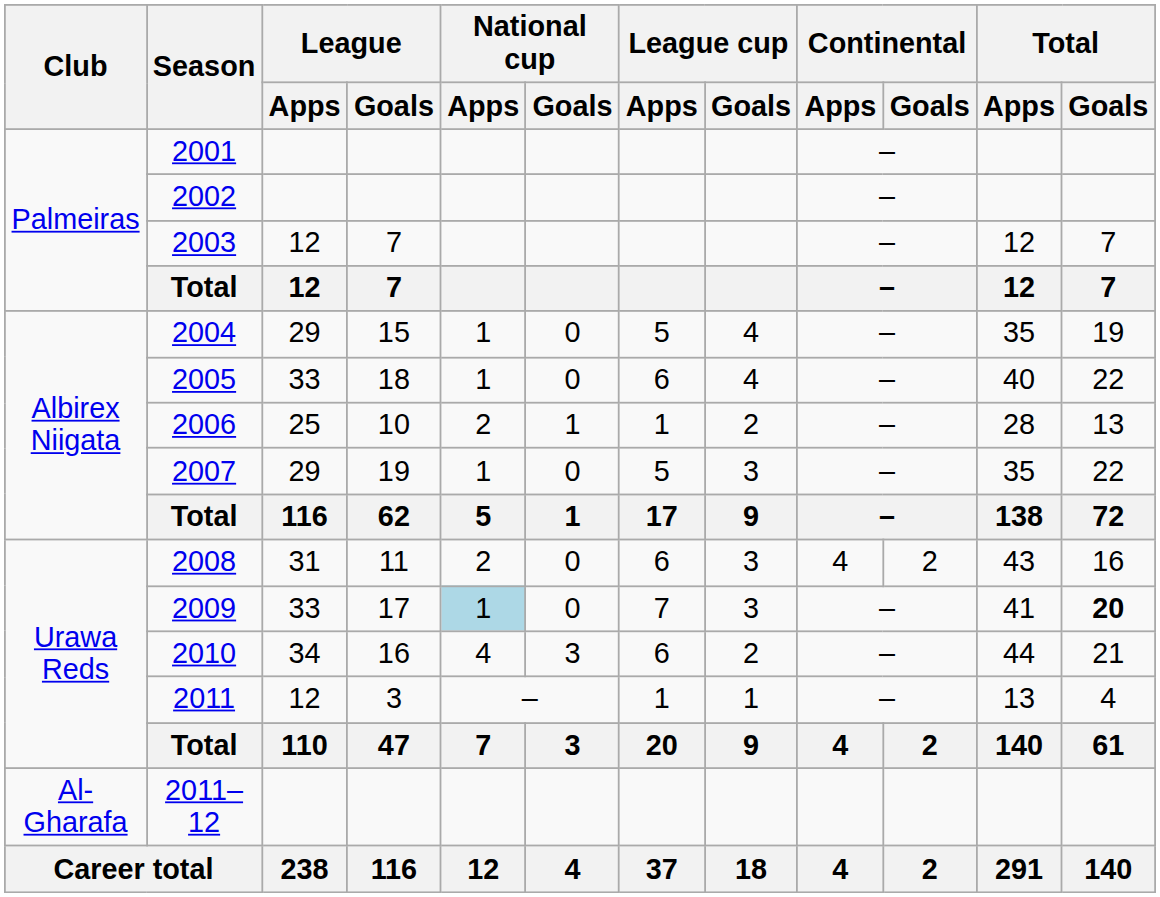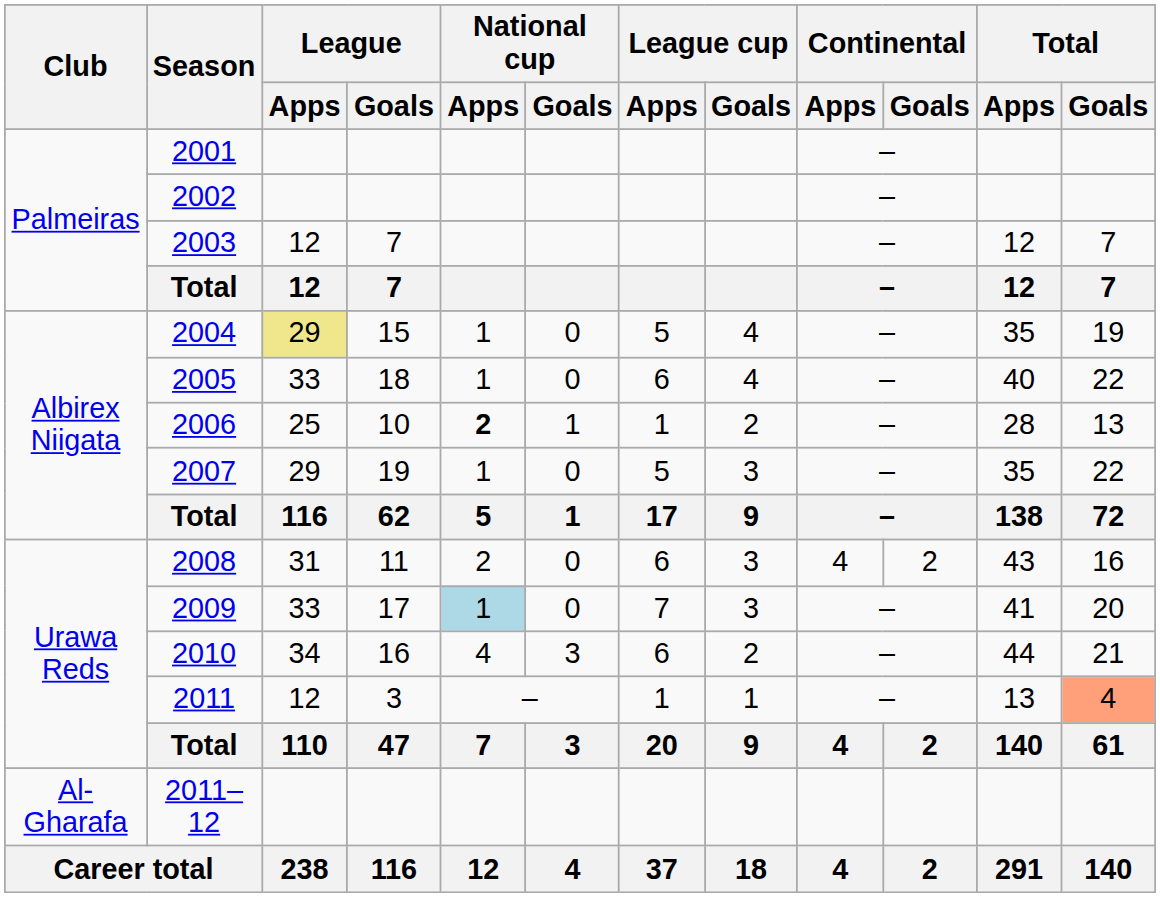 <table class="wikitable" style="text-align:center">
 <tr>
 <th rowspan="2">Club</th>
 <th rowspan="2">Season</th>
 <th colspan="2">League</th>
 <th colspan="2">National cup</th>
 <th colspan="2">League cup</th>
 <th colspan="2">Continental</th>
 <th colspan="2">Total</th>
 </tr>
 <tr>
 <th>Apps</th>
 <th>Goals</th>
 <th>Apps</th>
 <th>Goals</th>
 <th>Apps</th>
 <th>Goals</th>
 <th>Apps</th>
 <th>Goals</th>
 <th>Apps</th>
 <th>Goals</th>
 </tr>
 <tr>
 <td rowspan="4"><a href='#'>Palmeiras</a></td>
 <td><a href='#'>2001</a></td>
 <td></td>
 <td></td>
 <td></td>
 <td></td>
 <td></td>
 <td></td>
 <td colspan="2">–</td>
 <td></td>
 <td></td>
 </tr>
 <tr>
 <td><a href='#'>2002</a></td>
 <td></td>
 <td></td>
 <td></td>
 <td></td>
 <td></td>
 <td></td>
 <td colspan="2">–</td>
 <td></td>
 <td></td>
 </tr>
 <tr>
 <td><a href='#'>2003</a></td>
 <td>12</td>
 <td>7</td>
 <td></td>
 <td></td>
 <td></td>
 <td></td>
 <td colspan="2">–</td>
 <td>12</td>
 <td>7</td>
 </tr>
 <tr>
 <th colspan="1">Total</th>
 <th>12</th>
 <th>7</th>
 <th></th>
 <th></th>
 <th></th>
 <th></th>
 <th colspan="2">–</th>
 <th>12</th>
 <th>7</th>
 </tr>
 <tr>
 <td rowspan="5"><a href='#'>Albirex Niigata</a></td>
 <td><a href='#'>2004</a></td>
-<td>29</td>
+<td style="background: khaki;">29</td>
 <td>15</td>
 <td>1</td>
 <td>0</td>
 <td>5</td>
 <td>4</td>
 <td colspan="2">–</td>
 <td>35</td>
 <td>19</td>
 </tr>
 <tr>
 <td><a href='#'>2005</a></td>
 <td>33</td>
 <td>18</td>
 <td>1</td>
 <td>0</td>
 <td>6</td>
 <td>4</td>
 <td colspan="2">–</td>
 <td>40</td>
 <td>22</td>
 </tr>
 <tr>
 <td><a href='#'>2006</a></td>
 <td>25</td>
 <td>10</td>
-<td>2</td>
+<td><strong>2</strong></td>
 <td>1</td>
 <td>1</td>
 <td>2</td>
 <td colspan="2">–</td>
 <td>28</td>
 <td>13</td>
 </tr>
 <tr>
 <td><a href='#'>2007</a></td>
 <td>29</td>
 <td>19</td>
 <td>1</td>
 <td>0</td>
 <td>5</td>
 <td>3</td>
 <td colspan="2">–</td>
 <td>35</td>
 <td>22</td>
 </tr>
 <tr>
 <th colspan="1">Total</th>
 <th>116</th>
 <th>62</th>
 <th>5</th>
 <th>1</th>
 <th>17</th>
 <th>9</th>
 <th colspan="2">–</th>
 <th>138</th>
 <th>72</th>
 </tr>
 <tr>
 <td rowspan="5"><a href='#'>Urawa Reds</a></td>
 <td><a href='#'>2008</a></td>
 <td>31</td>
 <td>11</td>
 <td>2</td>
 <td>0</td>
 <td>6</td>
 <td>3</td>
 <td>4</td>
 <td>2</td>
 <td>43</td>
 <td>16</td>
 </tr>
 <tr>
 <td><a href='#'>2009</a></td>
 <td>33</td>
 <td>17</td>
 <td style="background: lightblue;">1</td>
 <td>0</td>
 <td>7</td>
 <td>3</td>
 <td colspan="2">–</td>
 <td>41</td>
-<td><strong>20</strong></td>
+<td>20</td>
 </tr>
 <tr>
 <td><a href='#'>2010</a></td>
 <td>34</td>
 <td>16</td>
 <td>4</td>
 <td>3</td>
 <td>6</td>
 <td>2</td>
 <td colspan="2">–</td>
 <td>44</td>
 <td>21</td>
 </tr>
 <tr>
 <td><a href='#'>2011</a></td>
 <td>12</td>
 <td>3</td>
 <td colspan="2">–</td>
 <td>1</td>
 <td>1</td>
 <td colspan="2">–</td>
 <td>13</td>
-<td>4</td>
+<td style="background: lightsalmon;">4</td>
 </tr>
 <tr>
 <th colspan="1">Total</th>
 <th>110</th>
 <th>47</th>
 <th>7</th>
 <th>3</th>
 <th>20</th>
 <th>9</th>
 <th>4</th>
 <th>2</th>
 <th>140</th>
 <th>61</th>
 </tr>
 <tr>
 <td><a href='#'>Al-Gharafa</a></td>
 <td><a href='#'>2011–12</a></td>
 <td></td>
 <td></td>
 <td></td>
 <td></td>
 <td></td>
 <td></td>
 <td></td>
 <td></td>
 <td></td>
 <td></td>
 </tr>
 <tr>
 <th colspan="2">Career total</th>
 <th>238</th>
 <th>116</th>
 <th>12</th>
 <th>4</th>
 <th>37</th>
 <th>18</th>
 <th>4</th>
 <th>2</th>
 <th>291</th>
 <th>140</th>
 </tr>
 </table>
